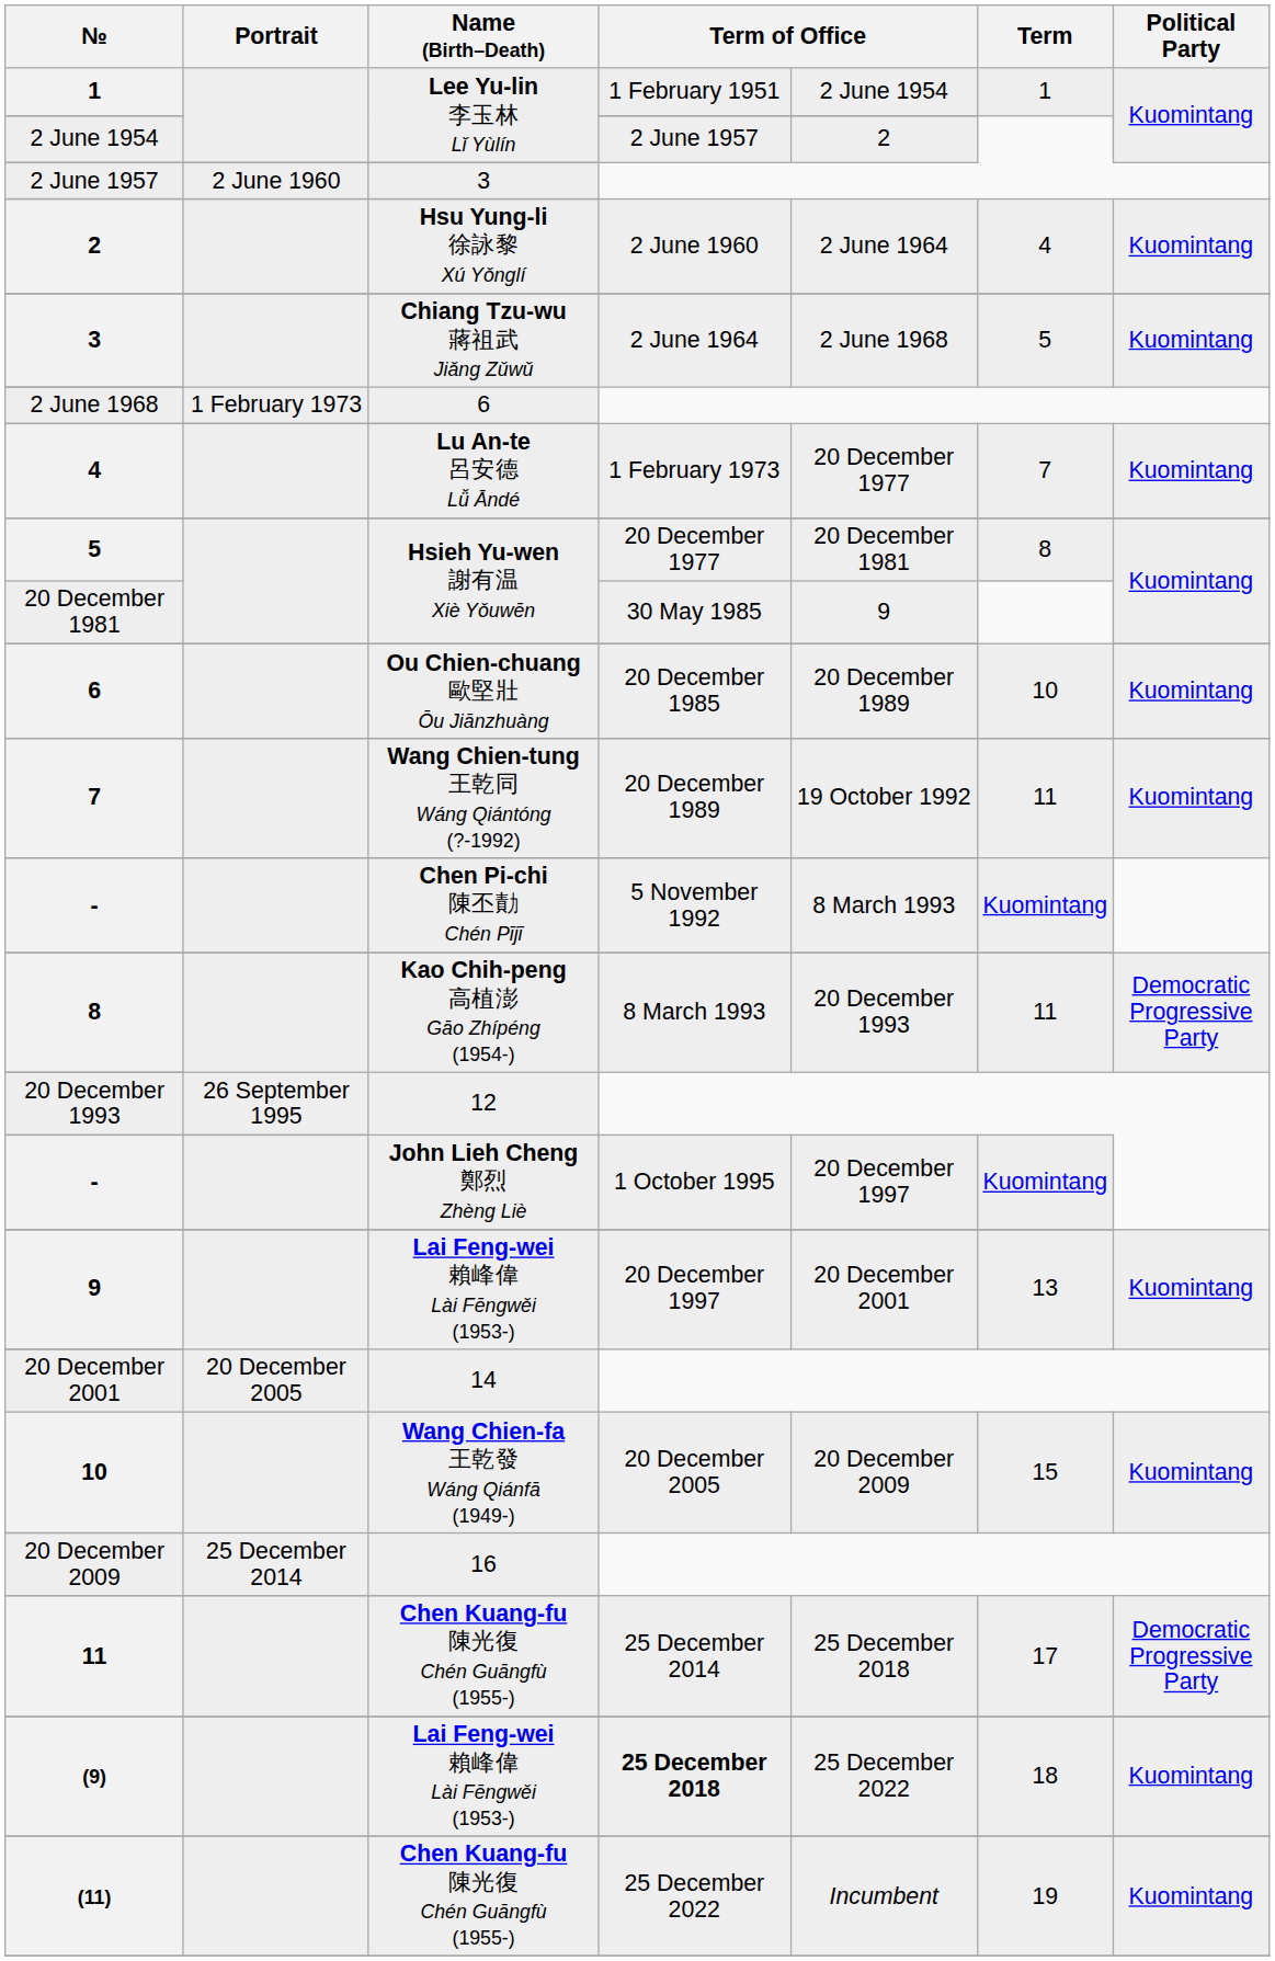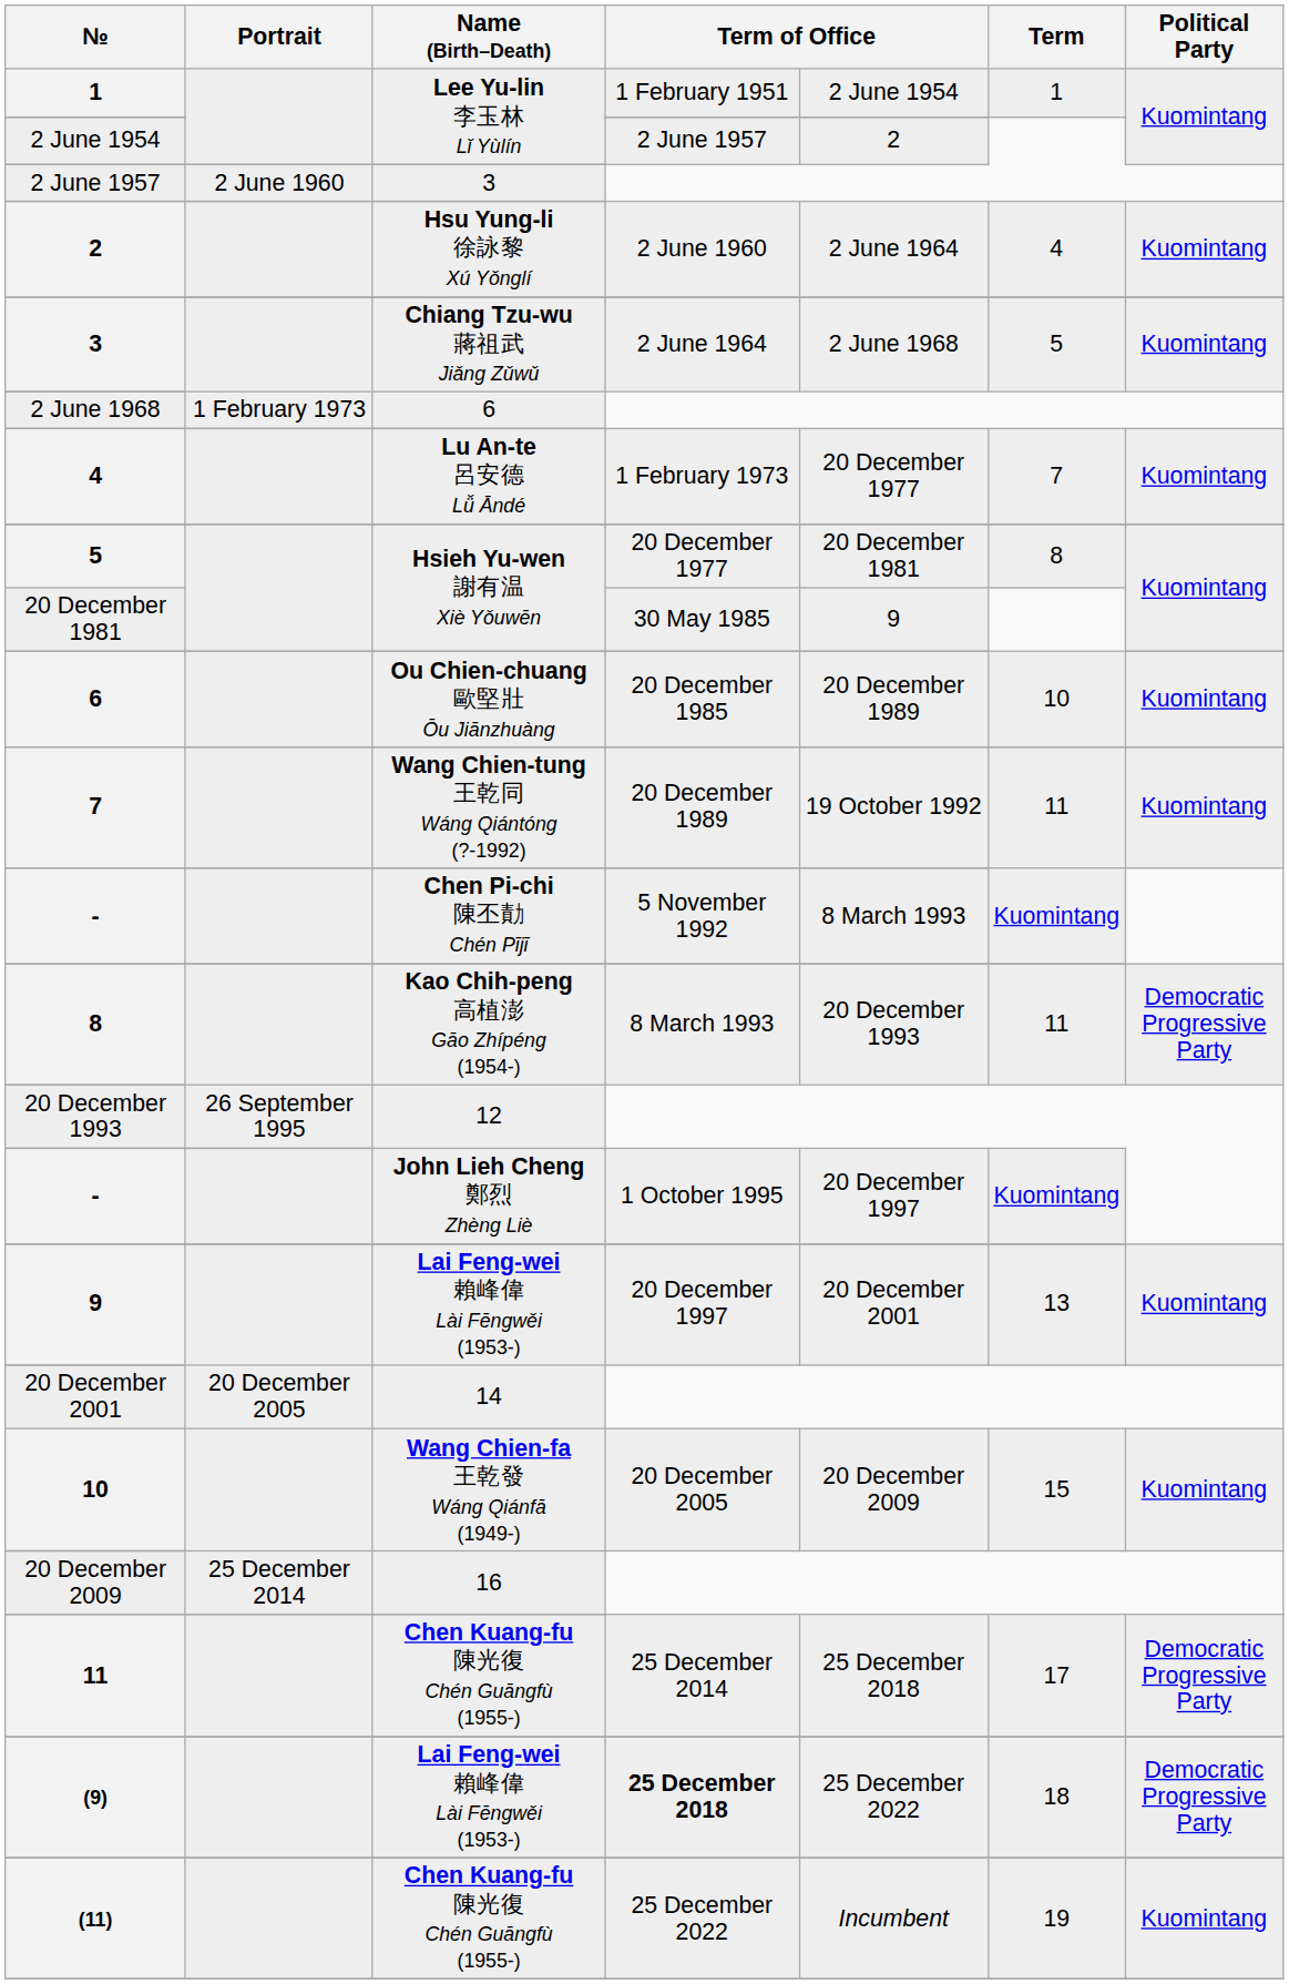 <table class="wikitable" style="text-align:center">
 <tr ->
 <th>№</th>
 <th>Portrait</th>
 <th width="150">Name<br><small>(Birth–Death)</small></th>
 <th colspan=2 width="300">Term of Office</th>
 <th width="50">Term</th>
 <th width = "100">Political Party</th>
 </tr>
 <tr - bgcolor=#EEEEEE>
 <th style="background:">1</th>
 <td rowspan=3></td>
 <td rowspan=3><strong>Lee Yu-lin</strong><br><span>李玉林 </span><br><small><em>Lǐ Yùlín</em><br></small></td>
 <td>1 February 1951</td>
 <td>2 June 1954</td>
 <td>1</td>
 <td rowspan=3><a href='#'>Kuomintang</a></td>
 </tr>
 <tr ->
 </tr>
 <tr - bgcolor=#EEEEEE>
 <td>2 June 1954</td>
 <td>2 June 1957</td>
 <td>2</td>
 </tr>
 <tr ->
 </tr>
 <tr - bgcolor=#EEEEEE>
 <td>2 June 1957</td>
 <td>2 June 1960</td>
 <td>3</td>
 </tr>
 <tr ->
 </tr>
 <tr - bgcolor=#EEEEEE>
 <th style="background:">2</th>
 <td></td>
 <td><strong>Hsu Yung-li</strong><br><span>徐詠黎 </span><br><small><em>Xú Yǒnglí</em><br></small></td>
 <td>2 June 1960</td>
 <td>2 June 1964 </td>
 <td>4</td>
 <td><a href='#'>Kuomintang</a></td>
 </tr>
 <tr ->
 </tr>
 <tr - bgcolor=#EEEEEE>
 <th style="background:">3</th>
 <td rowspan=2></td>
 <td rowspan=2><strong>Chiang Tzu-wu</strong><br><span>蔣祖武 </span><br><small><em>Jiǎng Zǔwǔ</em><br></small></td>
 <td>2 June 1964</td>
 <td>2 June 1968</td>
 <td>5</td>
 <td rowspan=2><a href='#'>Kuomintang</a></td>
 </tr>
 <tr ->
 </tr>
 <tr - bgcolor=#EEEEEE>
 <td>2 June 1968</td>
 <td>1 February 1973 </td>
 <td>6</td>
 </tr>
 <tr ->
 </tr>
 <tr - bgcolor=#EEEEEE>
 <th style="background:">4</th>
 <td></td>
 <td><strong>Lu An-te</strong><br><span>呂安德 </span><br><small><em>Lǚ Āndé</em><br></small></td>
 <td>1 February 1973</td>
 <td>20 December 1977</td>
 <td>7</td>
 <td><a href='#'>Kuomintang</a></td>
 </tr>
 <tr ->
 </tr>
 <tr - bgcolor=#EEEEEE>
 <th style="background:">5</th>
 <td rowspan=2></td>
 <td rowspan=2><strong>Hsieh Yu-wen</strong><br><span>謝有温 </span><br><small><em>Xiè Yǒuwēn</em><br></small></td>
 <td>20 December 1977</td>
 <td>20 December 1981</td>
 <td>8</td>
 <td rowspan=2><a href='#'>Kuomintang</a></td>
 </tr>
 <tr - bgcolor=#EEEEEE>
 <td>20 December 1981</td>
 <td>30 May 1985</td>
 <td>9</td>
 </tr>
 <tr ->
 </tr>
 <tr - bgcolor=#EEEEEE>
 <th style="background:">6</th>
 <td></td>
 <td><strong>Ou Chien-chuang</strong><br><span>歐堅壯 </span><br><small><em>Ōu Jiānzhuàng</em><br></small></td>
 <td>20 December 1985</td>
 <td>20 December 1989</td>
 <td>10</td>
 <td><a href='#'>Kuomintang</a></td>
 </tr>
 <tr ->
 </tr>
 <tr - bgcolor=#EEEEEE>
 <th style="background:">7</th>
 <td></td>
 <td><strong>Wang Chien-tung</strong><br><span>王乾同 </span><br><small><em>Wáng Qiántóng</em><br>(?-1992)</small></td>
 <td>20 December 1989</td>
 <td>19 October 1992</td>
 <td rowspan=2>11</td>
 <td><a href='#'>Kuomintang</a></td>
 </tr>
 <tr ->
 </tr>
 <tr - bgcolor=#EEEEEE>
 <th style="background:">-</th>
 <td></td>
 <td><strong> Chen Pi-chi</strong><br><span>陳丕勣 </span><br><small><em> Chén Pījī </em><br></small></td>
 <td>5 November 1992</td>
 <td>8 March 1993</td>
 <td><a href='#'>Kuomintang</a></td>
 </tr>
 <tr ->
 </tr>
 <tr - bgcolor=#EEEEEE>
 <th style="background:">8</th>
 <td rowspan=2></td>
 <td rowspan=2><strong>Kao Chih-peng</strong><br><span>高植澎 </span><br><small><em>Gāo Zhípéng</em><br>(1954-)</small></td>
 <td>8 March 1993</td>
 <td>20 December 1993</td>
 <td>11</td>
 <td rowspan=2><a href='#'>Democratic Progressive Party</a></td>
 </tr>
 <tr ->
 </tr>
 <tr - bgcolor=#EEEEEE>
 <td>20 December 1993</td>
 <td>26 September 1995 </td>
 <td rowspan=2>12</td>
 </tr>
 <tr ->
 </tr>
 <tr - bgcolor=#EEEEEE>
 <th style="background:">-</th>
 <td></td>
 <td><strong>John Lieh Cheng</strong><br><span>鄭烈 </span><br><small><em> Zhèng Liè </em><br> </small></td>
 <td>1 October 1995</td>
 <td>20 December 1997</td>
 <td><a href='#'>Kuomintang</a></td>
 </tr>
 <tr ->
 </tr>
 <tr - bgcolor=#EEEEEE>
 <th style="background:">9</th>
 <td rowspan=2></td>
 <td rowspan=2><strong><a href='#'>Lai Feng-wei</a></strong><br><span>賴峰偉 </span><br><small><em>Lài Fēngwěi</em><br>(1953-)</small></td>
 <td>20 December 1997</td>
 <td>20 December 2001</td>
 <td>13</td>
 <td rowspan=2><a href='#'>Kuomintang</a></td>
 </tr>
 <tr ->
 </tr>
 <tr - bgcolor=#EEEEEE>
 <td>20 December 2001</td>
 <td>20 December 2005</td>
 <td>14</td>
 </tr>
 <tr - bgcolor=#EEEEEE>
 <th style="background:">10</th>
 <td rowspan=2></td>
 <td rowspan=2><strong><a href='#'>Wang Chien-fa</a></strong><br><span>王乾發 </span><br><small><em>Wáng Qiánfā</em><br>(1949-)</small></td>
 <td>20 December 2005</td>
 <td>20 December 2009</td>
 <td>15</td>
 <td rowspan=2><a href='#'>Kuomintang</a></td>
 </tr>
 <tr ->
 </tr>
 <tr - bgcolor=#EEEEEE>
 <td>20 December 2009</td>
 <td>25 December 2014 </td>
 <td>16</td>
 </tr>
 <tr ->
 </tr>
 <tr - bgcolor=#EEEEEE>
 <th style="background:">11</th>
 <td></td>
 <td><strong><a href='#'>Chen Kuang-fu</a></strong><br><span>陳光復 </span><br><small><em>Chén Guāngfù</em><br>(1955-)</small></td>
 <td>25 December 2014</td>
 <td>25 December 2018 </td>
 <td>17</td>
 <td><a href='#'>Democratic Progressive Party</a></td>
 </tr>
 <tr>
 </tr>
 <tr - bgcolor=#EEEEEE>
 <th style="background:"><small>(9)</small></th>
 <td></td>
 <td><strong><a href='#'>Lai Feng-wei</a></strong><br><span>賴峰偉 </span><br><small><em>Lài Fēngwěi</em><br>(1953-)</small></td>
 <td><strong>25 December 2018</strong></td>
 <td>25 December 2022 </td>
 <td>18</td>
-<td><a href='#'>Kuomintang</a></td>
+<td><a href='#'>Democratic Progressive Party</a></td>
 </tr>
 <tr>
 </tr>
 <tr - bgcolor=#EEEEEE>
 <th style="background:"><small>(11)</small></th>
 <td></td>
 <td><strong><a href='#'>Chen Kuang-fu</a></strong><br><span>陳光復 </span><br><small><em>Chén Guāngfù</em><br>(1955-)</small></td>
 <td>25 December 2022</td>
 <td><em>Incumbent</em></td>
 <td>19</td>
 <td><a href='#'>Kuomintang</a></td>
 </tr>
 <tr>
 </tr>
 </table>
